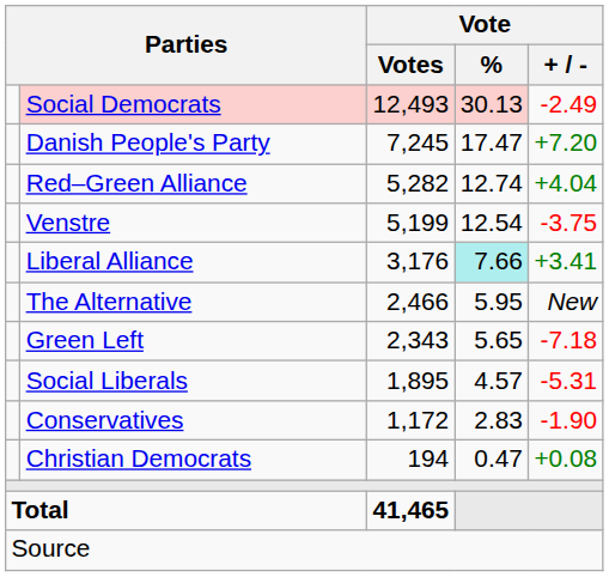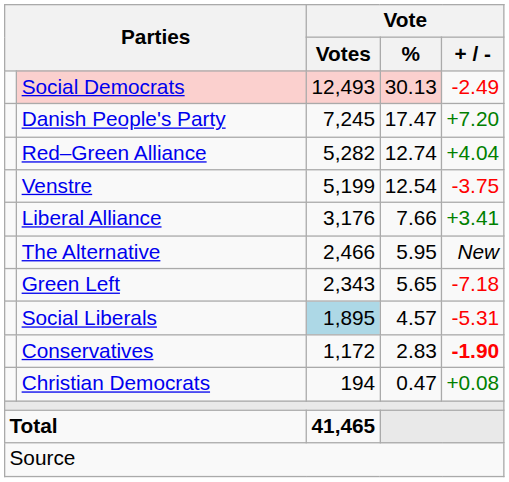 <table class="wikitable" style="text-align:right;">
 <tr>
 <th style="text-align:centre;" rowspan="2" colspan="2" width="225">Parties</th>
 <th colspan="3">Vote</th>
 </tr>
 <tr>
 <th width="15">Votes</th>
 <th width="15">%</th>
 <th width="15">+ / -</th>
 </tr>
 <tr>
 <td width="2" style="color:inherit;background:"></td>
 <td bgcolor=#fbd0ce  align="left"><a href='#'>Social Democrats</a></td>
 <td bgcolor=#fbd0ce>12,493</td>
 <td bgcolor=#fbd0ce>30.13</td>
 <td style=color:red;>-2.49</td>
 </tr>
 <tr>
 <td width="2" style="color:inherit;background:"></td>
 <td align="left"><a href='#'>Danish People's Party</a></td>
 <td>7,245</td>
 <td>17.47</td>
 <td style=color:green;>+7.20</td>
 </tr>
 <tr>
 <td width="2" style="color:inherit;background:"></td>
 <td align="left"><a href='#'>Red–Green Alliance</a></td>
 <td>5,282</td>
 <td>12.74</td>
 <td style=color:green;>+4.04</td>
 </tr>
 <tr>
 <td width="2" style="color:inherit;background:"></td>
 <td align="left"><a href='#'>Venstre</a></td>
 <td>5,199</td>
 <td>12.54</td>
 <td style=color:red;>-3.75</td>
 </tr>
 <tr>
 <td width="2" style="color:inherit;background:"></td>
 <td align="left"><a href='#'>Liberal Alliance</a></td>
 <td>3,176</td>
-<td style="background: paleturquoise;">7.66</td>
+<td>7.66</td>
 <td style=color:green;>+3.41</td>
 </tr>
 <tr>
 <td width="2" style="color:inherit;background:"></td>
 <td align="left"><a href='#'>The Alternative</a></td>
 <td>2,466</td>
 <td>5.95</td>
 <td><em>New</em></td>
 </tr>
 <tr>
 <td width="2" style="color:inherit;background:"></td>
 <td align="left"><a href='#'>Green Left</a></td>
 <td>2,343</td>
 <td>5.65</td>
 <td style=color:red;>-7.18</td>
 </tr>
 <tr>
 <td width="2" style="color:inherit;background:"></td>
 <td align="left"><a href='#'>Social Liberals</a></td>
-<td>1,895</td>
+<td style="background: lightblue;">1,895</td>
 <td>4.57</td>
 <td style=color:red;>-5.31</td>
 </tr>
 <tr>
 <td width="2" style="color:inherit;background:"></td>
 <td align="left"><a href='#'>Conservatives</a></td>
 <td>1,172</td>
 <td>2.83</td>
-<td style=color:red;>-1.90</td>
+<td style=color:red;><strong>-1.90</strong></td>
 </tr>
 <tr>
 <td width="2" style="color:inherit;background:"></td>
 <td align="left"><a href='#'>Christian Democrats</a></td>
 <td>194</td>
 <td>0.47</td>
 <td style=color:green;>+0.08</td>
 </tr>
 <tr>
 <td colspan="7" bgcolor="#E9E9E9"></td>
 </tr>
 <tr>
 <td align="left" colspan="2"><strong>Total</strong></td>
 <td><strong>41,465</strong></td>
 <td bgcolor="#E9E9E9" colspan="2"></td>
 </tr>
 <tr>
 <td align="left" colspan="6">Source</td>
 </tr>
 </table>
